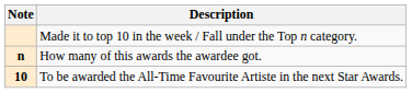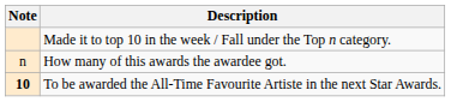 <table class="wikitable">
 <tr>
 <th>Note</th>
 <th>Description</th>
 </tr>
 <tr>
 <td bgcolor="#FFEBCD"></td>
 <td>Made it to top 10 in the week / Fall under the Top <em>n</em> category.</td>
 </tr>
 <tr>
-<td bgcolor="#FFEBCD" align="center"><strong>n</strong></td>
+<td bgcolor="#FFEBCD" align="center">n</td>
 <td>How many of this awards the awardee got.</td>
 </tr>
 <tr>
 <td bgcolor="#FFEBCD" align="center"><strong>10</strong></td>
 <td>To be awarded the All-Time Favourite Artiste in the next Star Awards.</td>
 </tr>
 </table>
